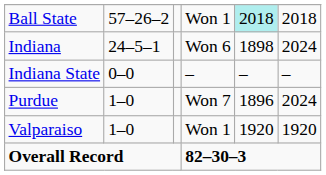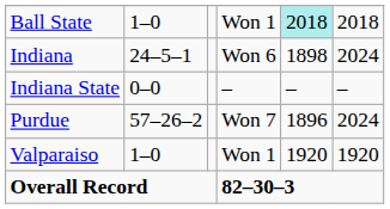 <table class="wikitable">
 <tr>
 </tr>
 <tr>
 <td><a href='#'>Ball State</a></td>
-<td>57–26–2</td>
+<td>1–0</td>
 <td></td>
 <td>Won 1</td>
 <td style="background: paleturquoise;">2018</td>
 <td>2018</td>
 </tr>
 <tr>
 <td><a href='#'>Indiana</a></td>
 <td>24–5–1</td>
 <td></td>
 <td>Won 6</td>
 <td>1898</td>
 <td>2024</td>
 </tr>
 <tr>
 <td><a href='#'>Indiana State</a></td>
 <td>0–0</td>
 <td></td>
 <td>–</td>
 <td>–</td>
 <td>–</td>
 </tr>
 <tr>
 <td><a href='#'>Purdue</a></td>
-<td>1–0</td>
+<td>57–26–2</td>
 <td></td>
 <td>Won 7</td>
 <td>1896</td>
 <td>2024</td>
 </tr>
 <tr>
 <td><a href='#'>Valparaiso</a></td>
 <td>1–0</td>
 <td></td>
 <td>Won 1</td>
 <td>1920</td>
 <td>1920</td>
 </tr>
 <tr>
 <td colspan="3"><strong>Overall Record</strong></td>
 <td colspan="3"><strong>82–30–3</strong></td>
 </tr>
 </table>
